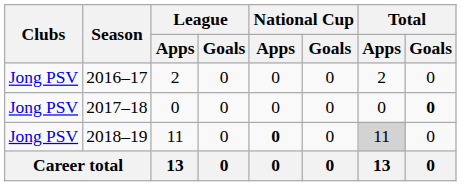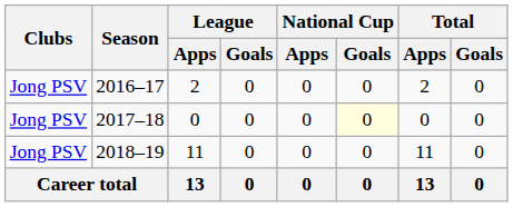 <table class="wikitable" style="font-size:88%; text-align: center">
 <tr>
 <th rowspan="2">Clubs</th>
 <th rowspan="2">Season</th>
 <th colspan="2">League</th>
 <th colspan="2">National Cup</th>
 <th colspan="2">Total</th>
 </tr>
 <tr>
 <th>Apps</th>
 <th>Goals</th>
 <th>Apps</th>
 <th>Goals</th>
 <th>Apps</th>
 <th>Goals</th>
 </tr>
 <tr>
 <td rowspan=1><a href='#'>Jong PSV</a></td>
 <td>2016–17</td>
 <td>2</td>
 <td>0</td>
 <td>0</td>
 <td>0</td>
 <td>2</td>
 <td>0</td>
 </tr>
 <tr>
 <td rowspan=1><a href='#'>Jong PSV</a></td>
 <td>2017–18</td>
 <td>0</td>
 <td>0</td>
 <td>0</td>
+<td style="background: lightyellow;">0</td>
 <td>0</td>
 <td>0</td>
-<td><strong>0</strong></td>
 </tr>
 <tr>
 <td rowspan=1><a href='#'>Jong PSV</a></td>
 <td>2018–19</td>
 <td>11</td>
 <td>0</td>
-<td><strong>0</strong></td>
 <td>0</td>
-<td style="background: lightgrey;">11</td>
+<td>0</td>
+<td>11</td>
 <td>0</td>
 </tr>
 <tr>
 <th colspan=2>Career total</th>
 <th>13</th>
 <th>0</th>
 <th>0</th>
 <th>0</th>
 <th>13</th>
 <th>0</th>
 </tr>
 </table>
